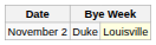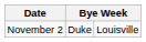 <table class="wikitable" style="font-size:95%;">
 <tr>
 <th>Date</th>
 <th colspan="2">Bye Week</th>
 </tr>
 <tr>
 <td>November 2</td>
 <td>Duke</td>
-<td style="background: lightyellow;">Louisville</td>
+<td>Louisville</td>
 </tr>
 </table>
